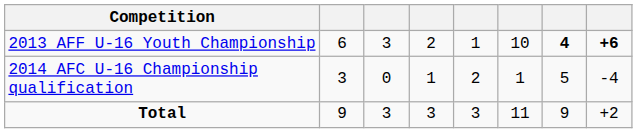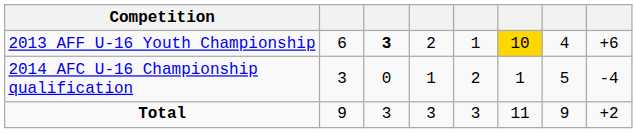 <table class="wikitable" style="text-align: center;">
 <tr>
 <th width=250>Competition</th>
 <th width=30></th>
 <th width=30></th>
 <th width=30></th>
 <th width=30></th>
 <th width=30></th>
 <th width=30></th>
 <th width=30></th>
 </tr>
 <tr>
 <td align="left"><a href='#'>2013 AFF U-16 Youth Championship</a></td>
 <td>6</td>
-<td>3</td>
+<td><strong>3</strong></td>
 <td>2</td>
 <td>1</td>
-<td>10</td>
-<td><strong>4</strong></td>
-<td><strong>+6</strong></td>
+<td style="background: gold;">10</td>
+<td>4</td>
+<td>+6</td>
 </tr>
 <tr>
 <td align="left"><a href='#'>2014 AFC U-16 Championship qualification</a></td>
 <td>3</td>
 <td>0</td>
 <td>1</td>
 <td>2</td>
 <td>1</td>
 <td>5</td>
 <td>-4</td>
 </tr>
 <tr>
 <td><strong>Total</strong></td>
 <td>9</td>
 <td>3</td>
 <td>3</td>
 <td>3</td>
 <td>11</td>
 <td>9</td>
 <td>+2</td>
 </tr>
 </table>
